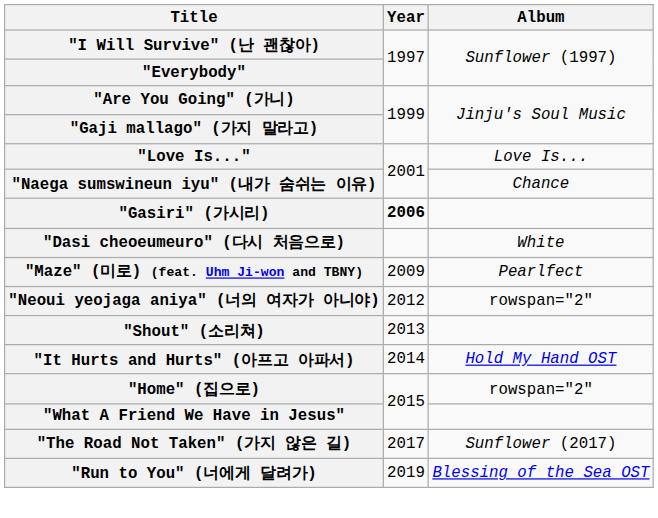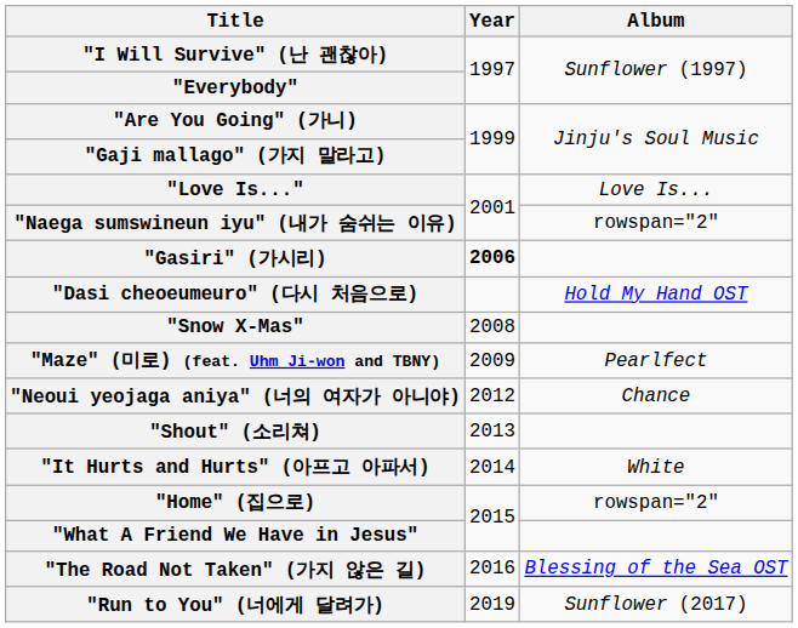 <table class="wikitable plainrowheaders" style="text-align:center;">
 <tr>
 <th rowspan="1" scope="col">Title</th>
 <th rowspan="1" scope="col">Year</th>
 <th>Album</th>
 </tr>
 <tr>
 <th scope="row">"I Will Survive" (난 괜찮아)</th>
 <td rowspan="2">1997</td>
 <td rowspan="2"><em>Sunflower</em> (1997)</td>
 </tr>
 <tr>
 <th scope="row">"Everybody"</th>
 </tr>
 <tr>
 <th scope="row">"Are You Going" (가니)</th>
 <td rowspan="2">1999</td>
 <td rowspan="2"><em>Jinju's Soul Music</em></td>
 </tr>
 <tr>
 <th scope="row">"Gaji mallago" (가지 말라고)</th>
 </tr>
 <tr>
 <th scope="row">"Love Is..."</th>
 <td rowspan="2">2001</td>
 <td><em>Love Is...</em></td>
 </tr>
 <tr>
 <th scope="row">"Naega sumswineun iyu" (내가 숨쉬는 이유)</th>
-<td><em>Chance</em></td>
+<td>rowspan="2" </td>
 </tr>
 <tr>
 <th scope="row">"Gasiri" (가시리)</th>
 <td><strong>2006</strong></td>
 <td></td>
 </tr>
 <tr>
 <th scope="row">"Dasi cheoeumeuro" (다시 처음으로)</th>
 <td></td>
-<td><em>White</em></td>
+<td><em><a href='#'>Hold My Hand OST</a></em></td>
+</tr>
+<tr>
+<th scope="row">"Snow X-Mas"</th>
+<td>2008</td>
+<td></td>
 </tr>
 <tr>
 <th scope="row">"Maze" (미로) <small>(feat. <a href='#'>Uhm Ji-won</a> and TBNY)</small></th>
 <td>2009</td>
 <td><em>Pearlfect</em></td>
 </tr>
 <tr>
 <th scope="row">"Neoui yeojaga aniya" (너의 여자가 아니야)</th>
 <td>2012</td>
-<td>rowspan="2" </td>
+<td><em>Chance</em></td>
 </tr>
 <tr>
 <th scope="row">"Shout" (소리쳐)</th>
 <td>2013</td>
 </tr>
 <tr>
 <th scope="row">"It Hurts and Hurts" (아프고 아파서)</th>
 <td>2014</td>
-<td><em><a href='#'>Hold My Hand OST</a></em></td>
+<td><em>White</em></td>
 </tr>
 <tr>
 <th scope="row">"Home" (집으로)</th>
 <td rowspan="2">2015</td>
 <td>rowspan="2" </td>
 </tr>
 <tr>
 <th scope="row">"What A Friend We Have in Jesus"</th>
 </tr>
 <tr>
 <th scope="row">"The Road Not Taken" (가지 않은 길)</th>
-<td>2017</td>
-<td><em>Sunflower</em> (2017)</td>
+<td>2016</td>
+<td><em><a href='#'>Blessing of the Sea OST</a></em></td>
 </tr>
 <tr>
 <th scope="row">"Run to You" (너에게 달려가)</th>
 <td>2019</td>
-<td><em><a href='#'>Blessing of the Sea OST</a></em></td>
+<td><em>Sunflower</em> (2017)</td>
 </tr>
 </table>
